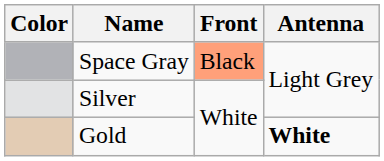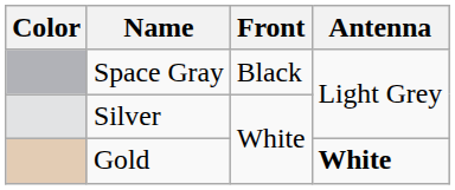 <table class="wikitable">
 <tr>
 <th>Color</th>
 <th>Name</th>
 <th>Front</th>
 <th>Antenna</th>
 </tr>
 <tr>
 <td bgcolor="#B1B2B7"></td>
 <td>Space Gray</td>
-<td style="background: lightsalmon;">Black</td>
+<td>Black</td>
 <td rowspan="2">Light Grey</td>
 </tr>
 <tr>
 <td bgcolor="#E2E3E4"></td>
 <td>Silver</td>
 <td rowspan="2">White</td>
 </tr>
 <tr>
 <td bgcolor="#E3CCB4"></td>
 <td>Gold</td>
 <td><strong>White</strong></td>
 </tr>
 </table>
